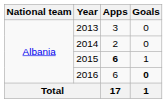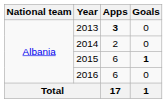 <table class="wikitable" style="text-align:center">
 <tr>
 <th>National team</th>
 <th>Year</th>
 <th>Apps</th>
 <th>Goals</th>
 </tr>
 <tr>
 <td rowspan="4"><a href='#'>Albania</a></td>
 <td>2013</td>
-<td>3</td>
+<td><strong>3</strong></td>
 <td>0</td>
 </tr>
 <tr>
 <td>2014</td>
 <td>2</td>
 <td>0</td>
 </tr>
 <tr>
 <td>2015</td>
-<td><strong>6</strong></td>
-<td>1</td>
+<td>6</td>
+<td><strong>1</strong></td>
 </tr>
 <tr>
 <td>2016</td>
 <td>6</td>
-<td><strong>0</strong></td>
+<td>0</td>
 </tr>
 <tr>
 <th colspan="2">Total</th>
 <th>17</th>
 <th>1</th>
 </tr>
 </table>
